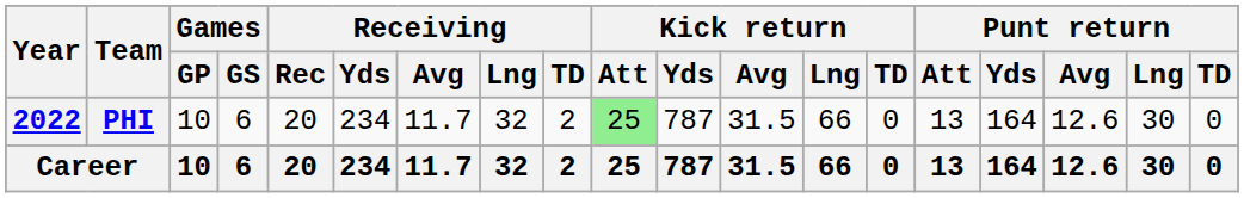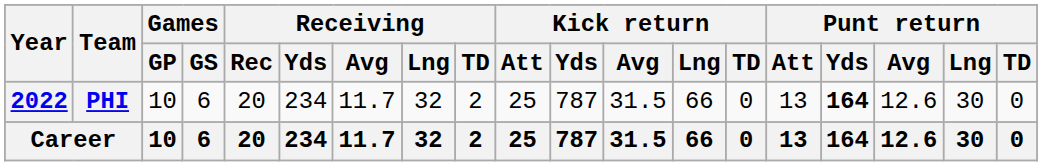 <table class="wikitable" style="text-align:center">
 <tr>
 <th rowspan="2">Year</th>
 <th rowspan="2">Team</th>
 <th colspan="2">Games</th>
 <th colspan="5">Receiving</th>
 <th colspan="5">Kick return</th>
 <th colspan="5">Punt return</th>
 </tr>
 <tr>
 <th>GP</th>
 <th>GS</th>
 <th>Rec</th>
 <th>Yds</th>
 <th>Avg</th>
 <th>Lng</th>
 <th>TD</th>
 <th>Att</th>
 <th>Yds</th>
 <th>Avg</th>
 <th>Lng</th>
 <th>TD</th>
 <th>Att</th>
 <th>Yds</th>
 <th>Avg</th>
 <th>Lng</th>
 <th>TD</th>
 </tr>
 <tr>
 <th><a href='#'>2022</a></th>
 <th><a href='#'>PHI</a></th>
 <td>10</td>
 <td>6</td>
 <td>20</td>
 <td>234</td>
 <td>11.7</td>
 <td>32</td>
 <td>2</td>
-<td style="background: lightgreen;">25</td>
+<td>25</td>
 <td>787</td>
 <td>31.5</td>
 <td>66</td>
 <td>0</td>
 <td>13</td>
-<td>164</td>
+<td><strong>164</strong></td>
 <td>12.6</td>
 <td>30</td>
 <td>0</td>
 </tr>
 <tr>
 <th colspan="2">Career</th>
 <th>10</th>
 <th>6</th>
 <th>20</th>
 <th>234</th>
 <th>11.7</th>
 <th>32</th>
 <th>2</th>
 <th>25</th>
 <th>787</th>
 <th>31.5</th>
 <th>66</th>
 <th>0</th>
 <th>13</th>
 <th>164</th>
 <th>12.6</th>
 <th>30</th>
 <th>0</th>
 </tr>
 </table>
